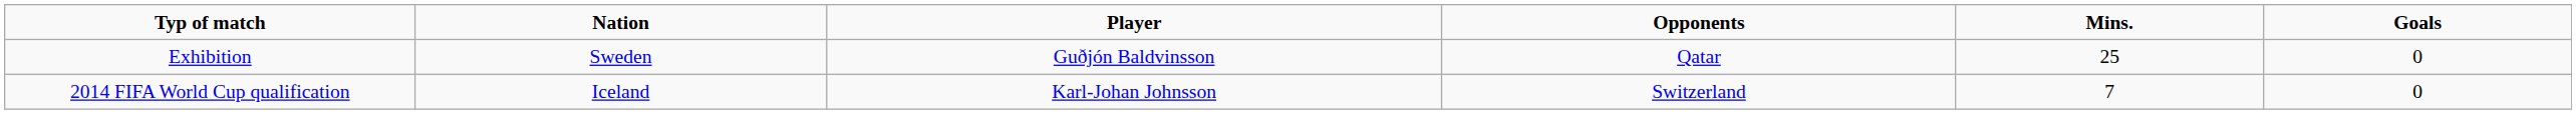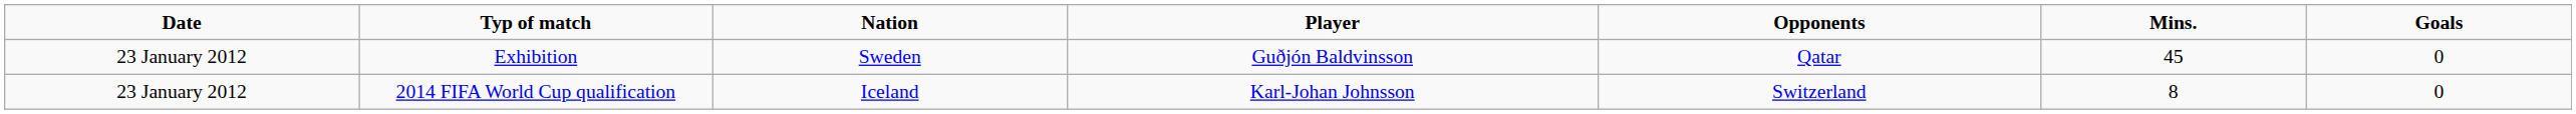 <table class= width=90% border="2" cellpadding="4" cellspacing="0" style="text-align=center: 1em 1em 1em 0; background: #f9f9f9; border: 1px #aaa solid; border-collapse: collapse; font-size: 95%;">
 <tr>
+<th width=8%>Date</th>
 <th width=8%>Typ of match</th>
 <th width=8%>Nation</th>
 <th width=12%>Player</th>
 <th width=10%>Opponents</th>
 <th width=6%>Mins.</th>
 <th width=6%>Goals</th>
 </tr>
 <tr>
+<td align=center>23 January 2012</td>
 <td align=center><a href='#'>Exhibition</a></td>
 <td align=center> <a href='#'>Sweden</a></td>
 <td align=center><a href='#'>Guðjón Baldvinsson</a></td>
 <td align=center> <a href='#'>Qatar</a></td>
-<td align=center>25</td>
+<td align=center>45</td>
 <td align=center>0</td>
 </tr>
 <tr>
+<td align=center>23 January 2012</td>
 <td align=center><a href='#'>2014 FIFA World Cup qualification</a></td>
 <td align=center> <a href='#'>Iceland</a></td>
 <td align=center><a href='#'>Karl-Johan Johnsson</a></td>
 <td align=center> <a href='#'>Switzerland</a></td>
-<td align=center>7</td>
+<td align=center>8</td>
 <td align=center>0</td>
 </tr>
 </table>
